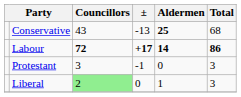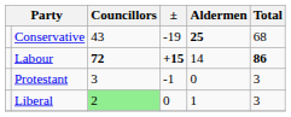 <table class="wikitable">
 <tr>
 <th colspan="2">Party</th>
 <th>Councillors</th>
 <th>  ±  </th>
 <th>Aldermen</th>
 <th>Total</th>
 </tr>
 <tr>
 <td style="background-color: "></td>
 <td><a href='#'>Conservative</a></td>
 <td>43</td>
-<td>-13</td>
+<td>-19</td>
 <td><strong>25</strong></td>
 <td>68</td>
 </tr>
 <tr>
 <td style="background-color: "></td>
 <td><a href='#'>Labour</a></td>
 <td><strong>72</strong></td>
-<td><strong>+17</strong></td>
-<td><strong>14</strong></td>
+<td><strong>+15</strong></td>
+<td>14</td>
 <td><strong>86</strong></td>
 </tr>
 <tr>
 <td style="background-color: "></td>
 <td><a href='#'>Protestant</a></td>
 <td>3</td>
 <td>-1</td>
 <td>0</td>
 <td>3</td>
 </tr>
 <tr>
 <td style="background-color: "></td>
 <td><a href='#'>Liberal</a></td>
 <td style="background: lightgreen;">2</td>
 <td>0</td>
 <td>1</td>
 <td>3</td>
 </tr>
 <tr>
 </tr>
 </table>
